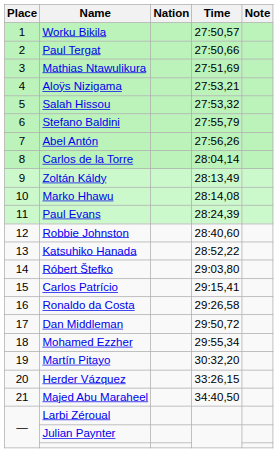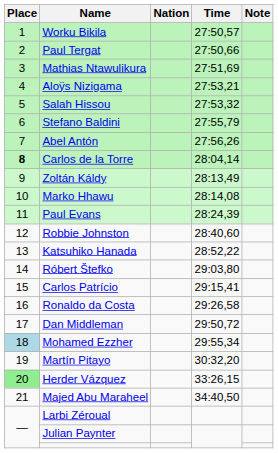 <table class="wikitable">
 <tr>
 <th>Place</th>
 <th>Name</th>
 <th>Nation</th>
 <th>Time</th>
 <th>Note</th>
 </tr>
 <tr style="background:#bbf3bb;">
 <td align=center>1</td>
 <td><a href='#'>Worku Bikila</a></td>
 <td></td>
 <td align=center>27:50,57</td>
 <td align=center></td>
 </tr>
 <tr style="background:#bbf3bb;">
 <td align=center>2</td>
 <td><a href='#'>Paul Tergat</a></td>
 <td></td>
 <td align=center>27:50,66</td>
 <td align=center></td>
 </tr>
 <tr style="background:#bbf3bb;">
 <td align=center>3</td>
 <td><a href='#'>Mathias Ntawulikura</a></td>
 <td></td>
 <td align=center>27:51,69</td>
 <td align=center></td>
 </tr>
 <tr style="background:#bbf3bb;">
 <td align=center>4</td>
 <td><a href='#'>Aloÿs Nizigama</a></td>
 <td></td>
 <td align=center>27:53,21</td>
 <td align=center></td>
 </tr>
 <tr style="background:#bbf3bb;">
 <td align=center>5</td>
 <td><a href='#'>Salah Hissou</a></td>
 <td></td>
 <td align=center>27:53,32</td>
 <td align=center></td>
 </tr>
 <tr style="background:#bbf3bb;">
 <td align=center>6</td>
 <td><a href='#'>Stefano Baldini</a></td>
 <td></td>
 <td align=center>27:55,79</td>
 <td align=center></td>
 </tr>
 <tr style="background:#bbf3bb;">
 <td align=center>7</td>
 <td><a href='#'>Abel Antón</a></td>
 <td></td>
 <td align=center>27:56,26</td>
 <td align=center></td>
 </tr>
 <tr style="background:#bbf3bb;">
-<td align=center>8</td>
+<td align=center><strong>8</strong></td>
 <td><a href='#'>Carlos de la Torre</a></td>
 <td></td>
 <td align=center>28:04,14</td>
 <td align=center></td>
 </tr>
 <tr style="background:#ccf9cc;">
 <td align=center>9</td>
 <td><a href='#'>Zoltán Káldy</a></td>
 <td></td>
 <td align=center>28:13,49</td>
 <td align=center></td>
 </tr>
 <tr style="background:#ccf9cc;">
 <td align=center>10</td>
 <td><a href='#'>Marko Hhawu</a></td>
 <td></td>
 <td align=center>28:14,08</td>
 <td align=center></td>
 </tr>
 <tr style="background:#ccf9cc;">
 <td align=center>11</td>
 <td><a href='#'>Paul Evans</a></td>
 <td></td>
 <td align=center>28:24,39</td>
 <td align=center></td>
 </tr>
 <tr>
 <td align=center>12</td>
 <td><a href='#'>Robbie Johnston</a></td>
 <td></td>
 <td style="text-align:center;">28:40,60</td>
 <td></td>
 </tr>
 <tr>
 <td align=center>13</td>
 <td><a href='#'>Katsuhiko Hanada</a></td>
 <td></td>
 <td style="text-align:center;">28:52,22</td>
 <td></td>
 </tr>
 <tr>
 <td align=center>14</td>
 <td><a href='#'>Róbert Štefko</a></td>
 <td></td>
 <td style="text-align:center;">29:03,80</td>
 <td></td>
 </tr>
 <tr>
 <td align=center>15</td>
 <td><a href='#'>Carlos Patrício</a></td>
 <td></td>
 <td style="text-align:center;">29:15,41</td>
 <td></td>
 </tr>
 <tr>
 <td align=center>16</td>
 <td><a href='#'>Ronaldo da Costa</a></td>
 <td></td>
 <td style="text-align:center;">29:26,58</td>
 <td></td>
 </tr>
 <tr>
 <td align=center>17</td>
 <td><a href='#'>Dan Middleman</a></td>
 <td></td>
 <td style="text-align:center;">29:50,72</td>
 <td></td>
 </tr>
 <tr>
-<td align=center>18</td>
+<td align=center style="background: lightblue;">18</td>
 <td><a href='#'>Mohamed Ezzher</a></td>
 <td></td>
 <td style="text-align:center;">29:55,34</td>
 <td></td>
 </tr>
 <tr>
 <td align=center>19</td>
 <td><a href='#'>Martín Pitayo</a></td>
 <td></td>
 <td style="text-align:center;">30:32,20</td>
 <td></td>
 </tr>
 <tr>
-<td align=center>20</td>
+<td align=center style="background: lightgreen;">20</td>
 <td><a href='#'>Herder Vázquez</a></td>
 <td></td>
 <td style="text-align:center;">33:26,15</td>
 <td></td>
 </tr>
 <tr>
 <td align=center>21</td>
 <td><a href='#'>Majed Abu Maraheel</a></td>
 <td></td>
 <td style="text-align:center;">34:40,50</td>
 <td></td>
 </tr>
 <tr>
 <td rowspan=3 align=center>—</td>
 <td><a href='#'>Larbi Zéroual</a></td>
 <td></td>
 <td align=center></td>
 <td></td>
 </tr>
 <tr>
 <td><a href='#'>Julian Paynter</a></td>
 <td></td>
 <td rowspan=2 align=center></td>
 <td></td>
 </tr>
 <tr>
 <td></td>
 <td></td>
 <td></td>
 </tr>
 </table>
